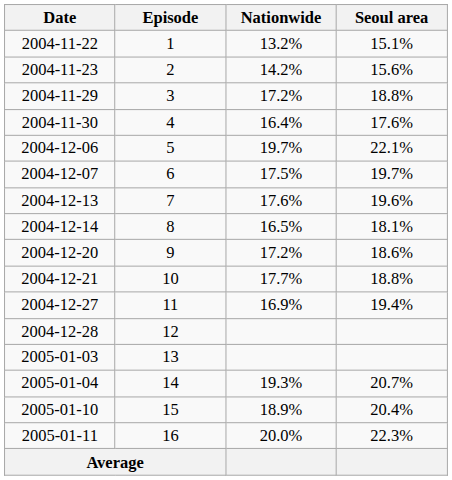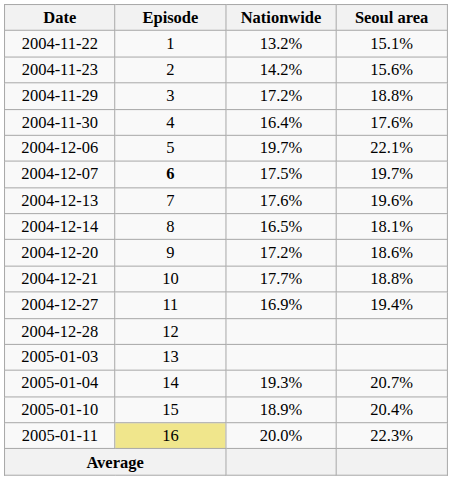 <table class="wikitable">
 <tr>
 <th width=100>Date</th>
 <th width=100>Episode</th>
 <th width=100>Nationwide</th>
 <th width=100>Seoul area</th>
 </tr>
 <tr align=center>
 <td>2004-11-22</td>
 <td>1</td>
 <td>13.2%</td>
 <td>15.1%</td>
 </tr>
 <tr align=center>
 <td>2004-11-23</td>
 <td>2</td>
 <td>14.2%</td>
 <td>15.6%</td>
 </tr>
 <tr align=center>
 <td>2004-11-29</td>
 <td>3</td>
 <td>17.2%</td>
 <td>18.8%</td>
 </tr>
 <tr align=center>
 <td>2004-11-30</td>
 <td>4</td>
 <td>16.4%</td>
 <td>17.6%</td>
 </tr>
 <tr align=center>
 <td>2004-12-06</td>
 <td>5</td>
 <td>19.7%</td>
 <td>22.1%</td>
 </tr>
 <tr align=center>
 <td>2004-12-07</td>
-<td>6</td>
+<td><strong>6</strong></td>
 <td>17.5%</td>
 <td>19.7%</td>
 </tr>
 <tr align=center>
 <td>2004-12-13</td>
 <td>7</td>
 <td>17.6%</td>
 <td>19.6%</td>
 </tr>
 <tr align=center>
 <td>2004-12-14</td>
 <td>8</td>
 <td>16.5%</td>
 <td>18.1%</td>
 </tr>
 <tr align=center>
 <td>2004-12-20</td>
 <td>9</td>
 <td>17.2%</td>
 <td>18.6%</td>
 </tr>
 <tr align=center>
 <td>2004-12-21</td>
 <td>10</td>
 <td>17.7%</td>
 <td>18.8%</td>
 </tr>
 <tr align=center>
 <td>2004-12-27</td>
 <td>11</td>
 <td>16.9%</td>
 <td>19.4%</td>
 </tr>
 <tr align=center>
 <td>2004-12-28</td>
 <td>12</td>
 <td><strong></strong></td>
 <td><strong></strong></td>
 </tr>
 <tr align=center>
 <td>2005-01-03</td>
 <td>13</td>
 <td><strong></strong></td>
 <td><strong></strong></td>
 </tr>
 <tr align=center>
 <td>2005-01-04</td>
 <td>14</td>
 <td>19.3%</td>
 <td>20.7%</td>
 </tr>
 <tr align=center>
 <td>2005-01-10</td>
 <td>15</td>
 <td>18.9%</td>
 <td>20.4%</td>
 </tr>
 <tr align=center>
 <td>2005-01-11</td>
-<td>16</td>
+<td style="background: khaki;">16</td>
 <td>20.0%</td>
 <td>22.3%</td>
 </tr>
 <tr align=center>
 <th colspan=2>Average</th>
 <th></th>
 <th></th>
 </tr>
 </table>
